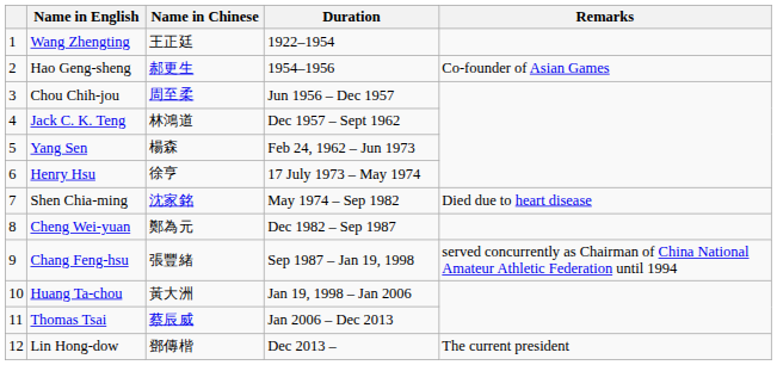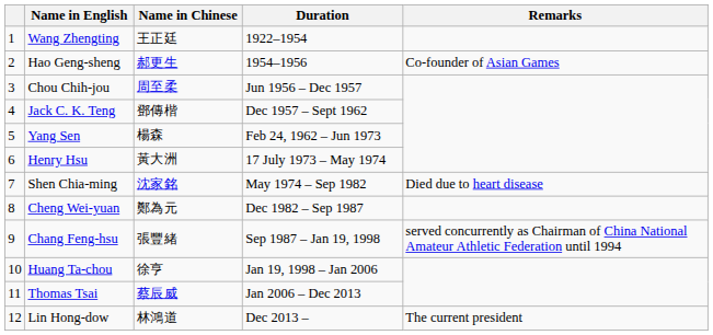 <table class="wikitable sortable">
 <tr>
 <th></th>
 <th class="unsortable" style="width: 120px;">Name in English</th>
 <th class="unsortable" style="width: 120px;">Name in Chinese</th>
 <th class="unsortable" style="width: 180px;">Duration</th>
 <th class="unsortable" style="width: 350px;">Remarks</th>
 </tr>
 <tr>
 <td>1</td>
 <td><a href='#'>Wang Zhengting</a></td>
 <td>王正廷</td>
 <td>1922–1954</td>
 </tr>
 <tr>
 <td>2</td>
 <td>Hao Geng-sheng</td>
 <td><a href='#'>郝更生</a></td>
 <td>1954–1956</td>
 <td>Co-founder of <a href='#'>Asian Games</a></td>
 </tr>
 <tr>
 <td>3</td>
 <td>Chou Chih-jou</td>
 <td><a href='#'>周至柔</a></td>
 <td>Jun 1956 – Dec 1957</td>
 </tr>
 <tr>
 <td>4</td>
 <td><a href='#'>Jack C. K. Teng</a></td>
-<td>林鴻道</td>
+<td>鄧傳楷</td>
 <td>Dec 1957 – Sept 1962</td>
 </tr>
 <tr>
 <td>5</td>
 <td><a href='#'>Yang Sen</a></td>
 <td>楊森</td>
 <td>Feb 24, 1962 – Jun 1973</td>
 </tr>
 <tr>
 <td>6</td>
 <td><a href='#'>Henry Hsu</a></td>
-<td>徐亨</td>
+<td>黃大洲</td>
 <td>17 July 1973 – May 1974</td>
 </tr>
 <tr>
 <td>7</td>
 <td>Shen Chia-ming</td>
 <td><a href='#'>沈家銘</a></td>
 <td>May 1974 – Sep 1982</td>
 <td>Died due to <a href='#'>heart disease</a></td>
 </tr>
 <tr>
 <td>8</td>
 <td><a href='#'>Cheng Wei-yuan</a></td>
 <td>鄭為元</td>
 <td>Dec 1982 – Sep 1987</td>
 </tr>
 <tr>
 <td>9</td>
 <td><a href='#'>Chang Feng-hsu</a></td>
 <td>張豐緒</td>
 <td>Sep 1987 – Jan 19, 1998</td>
 <td>served concurrently as Chairman of <a href='#'>China National Amateur Athletic Federation</a> until 1994</td>
 </tr>
 <tr>
 <td>10</td>
 <td><a href='#'>Huang Ta-chou</a></td>
-<td>黃大洲</td>
+<td>徐亨</td>
 <td>Jan 19, 1998 – Jan 2006</td>
 </tr>
 <tr>
 <td>11</td>
 <td><a href='#'>Thomas Tsai</a></td>
 <td><a href='#'>蔡辰威</a></td>
 <td>Jan 2006 – Dec 2013</td>
 </tr>
 <tr>
 <td>12</td>
 <td>Lin Hong-dow</td>
-<td>鄧傳楷</td>
+<td>林鴻道</td>
 <td>Dec 2013 –</td>
 <td>The current president</td>
 </tr>
 </table>
